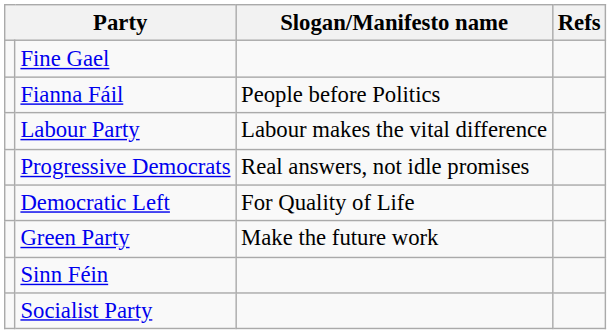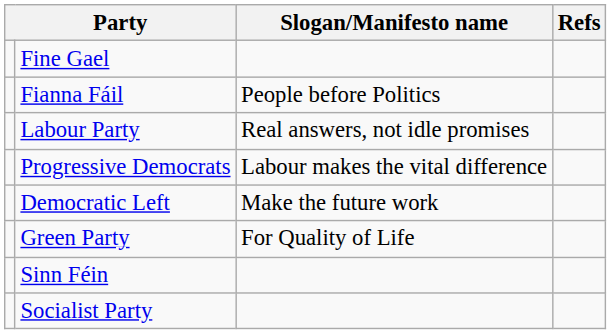 <table class="wikitable sortable">
 <tr>
 <th colspan=4 class="unsortable">Party</th>
 <th class="unsortable">Slogan/Manifesto name</th>
 <th class="unsortable">Refs</th>
 </tr>
 <tr>
 <td style="background:"></td>
 <td colspan=3><a href='#'>Fine Gael</a></td>
 <td></td>
 <td></td>
 </tr>
 <tr>
 <td style="background:"></td>
 <td colspan="3"><a href='#'>Fianna Fáil</a></td>
 <td>People before Politics</td>
 <td></td>
 </tr>
 <tr>
 <td style="background:"></td>
 <td colspan="3"><a href='#'>Labour Party</a></td>
+<td>Real answers, not idle promises</td>
+<td></td>
+</tr>
+<tr>
+<td style="background:"></td>
+<td colspan="3"><a href='#'>Progressive Democrats</a></td>
 <td>Labour makes the vital difference</td>
 <td></td>
 </tr>
 <tr>
 <td style="background:"></td>
-<td colspan="3"><a href='#'>Progressive Democrats</a></td>
-<td>Real answers, not idle promises</td>
-<td></td>
-</tr>
-<tr>
-<td style="background:"></td>
 <td colspan="3"><a href='#'>Democratic Left</a></td>
-<td>For Quality of Life</td>
+<td>Make the future work</td>
 <td></td>
 </tr>
 <tr>
 <td style="background:"></td>
 <td colspan="3"><a href='#'>Green Party</a></td>
-<td>Make the future work</td>
+<td>For Quality of Life</td>
 <td></td>
 </tr>
 <tr>
 <td style="background:"></td>
 <td colspan="3"><a href='#'>Sinn Féin</a></td>
 <td></td>
 <td></td>
 </tr>
 <tr>
 <td style="background:"></td>
 <td colspan="3"><a href='#'>Socialist Party</a></td>
 <td></td>
 <td></td>
 </tr>
 </table>
